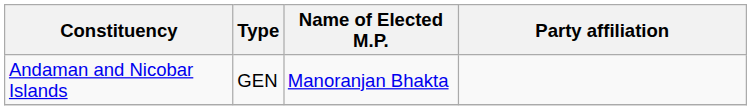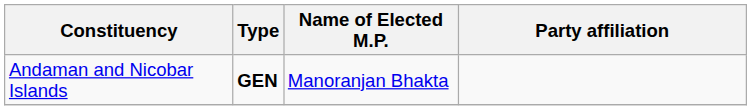 <table class="wikitable" style="font-size:95%;">
 <tr>
 <th>Constituency</th>
 <th>Type</th>
 <th>Name of Elected M.P.</th>
 <th colspan="2" style="width:18em">Party affiliation</th>
 </tr>
 <tr>
 <td><a href='#'>Andaman and Nicobar Islands</a></td>
-<td>GEN</td>
+<td><strong>GEN</strong></td>
 <td><a href='#'>Manoranjan Bhakta</a></td>
 <td></td>
 </tr>
 <tr>
 </tr>
 </table>
